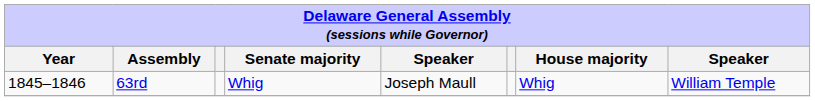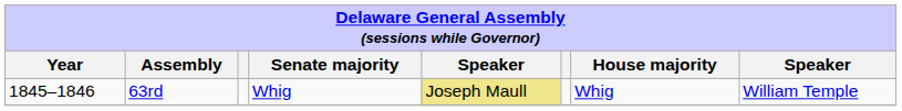 <table class=wikitable style="width: 94%" style="text-align: center;" align="center">
 <tr bgcolor=#cccccc>
 <th colspan=12 style="background: #ccccff;"><strong><a href='#'>Delaware General Assembly</a></strong> <br> <small> <em>(sessions while Governor)</em></small></th>
 </tr>
 <tr>
 <th><strong>Year</strong></th>
 <th><strong>Assembly</strong></th>
 <th></th>
 <th><strong>Senate majority</strong></th>
 <th><strong>Speaker</strong></th>
 <th></th>
 <th><strong>House majority</strong></th>
 <th><strong>Speaker</strong></th>
 </tr>
 <tr>
 <td>1845–1846</td>
 <td><a href='#'>63rd</a></td>
 <td></td>
 <td><a href='#'>Whig</a></td>
-<td>Joseph Maull</td>
+<td style="background: khaki;">Joseph Maull</td>
 <td></td>
 <td><a href='#'>Whig</a></td>
 <td><a href='#'>William Temple</a></td>
 </tr>
 <tr>
 </tr>
 </table>
